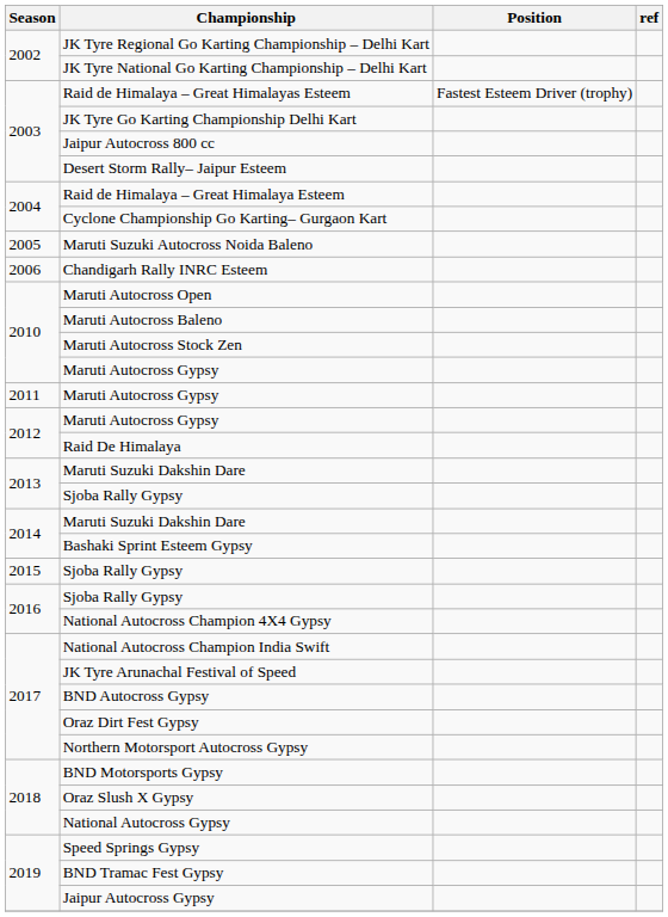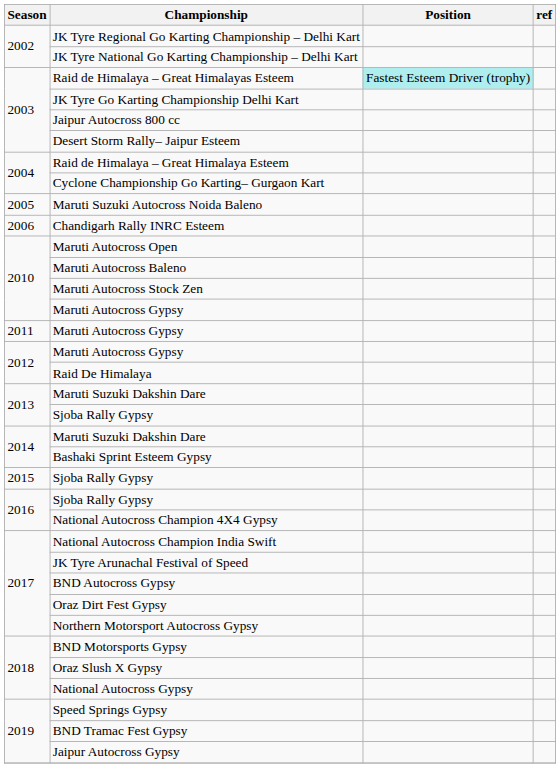 <table class="wikitable sortable">
 <tr>
 <th>Season</th>
 <th>Championship</th>
 <th>Position</th>
 <th>ref</th>
 </tr>
 <tr>
 <td rowspan="2">2002</td>
 <td>JK Tyre Regional Go Karting Championship – Delhi Kart</td>
 <td></td>
 <td></td>
 </tr>
 <tr>
 <td>JK Tyre National Go Karting Championship – Delhi Kart</td>
 <td></td>
 <td></td>
 </tr>
 <tr>
 <td rowspan="4">2003</td>
 <td>Raid de Himalaya – Great Himalayas Esteem</td>
-<td>Fastest Esteem Driver  (trophy)</td>
+<td style="background: paleturquoise;">Fastest Esteem Driver  (trophy)</td>
 <td></td>
 </tr>
 <tr>
 <td>JK Tyre Go Karting Championship Delhi Kart</td>
 <td></td>
 <td></td>
 </tr>
 <tr>
 <td>Jaipur Autocross 800 cc</td>
 <td></td>
 <td></td>
 </tr>
 <tr>
 <td>Desert Storm Rally– Jaipur Esteem</td>
 <td></td>
 <td></td>
 </tr>
 <tr>
 <td rowspan="2">2004</td>
 <td>Raid de Himalaya – Great Himalaya Esteem</td>
 <td></td>
 <td></td>
 </tr>
 <tr>
 <td>Cyclone Championship Go Karting– Gurgaon Kart</td>
 <td></td>
 <td></td>
 </tr>
 <tr>
 <td>2005</td>
 <td>Maruti Suzuki Autocross Noida Baleno</td>
 <td></td>
 <td></td>
 </tr>
 <tr>
 <td>2006</td>
 <td>Chandigarh Rally INRC Esteem</td>
 <td></td>
 <td></td>
 </tr>
 <tr>
 <td rowspan="4">2010</td>
 <td>Maruti Autocross Open</td>
 <td></td>
 <td></td>
 </tr>
 <tr>
 <td>Maruti Autocross Baleno</td>
 <td></td>
 <td></td>
 </tr>
 <tr>
 <td>Maruti Autocross Stock Zen</td>
 <td></td>
 <td></td>
 </tr>
 <tr>
 <td>Maruti Autocross Gypsy</td>
 <td></td>
 <td></td>
 </tr>
 <tr>
 <td>2011</td>
 <td>Maruti Autocross Gypsy</td>
 <td></td>
 <td></td>
 </tr>
 <tr>
 <td rowspan="2">2012</td>
 <td>Maruti Autocross Gypsy</td>
 <td></td>
 <td></td>
 </tr>
 <tr>
 <td>Raid De Himalaya</td>
 <td></td>
 <td></td>
 </tr>
 <tr>
 <td rowspan="2">2013</td>
 <td>Maruti Suzuki Dakshin Dare</td>
 <td></td>
 <td></td>
 </tr>
 <tr>
 <td>Sjoba Rally Gypsy</td>
 <td></td>
 <td></td>
 </tr>
 <tr>
 <td rowspan="2">2014</td>
 <td>Maruti Suzuki Dakshin Dare</td>
 <td></td>
 <td></td>
 </tr>
 <tr>
 <td>Bashaki Sprint Esteem Gypsy</td>
 <td></td>
 <td></td>
 </tr>
 <tr>
 <td>2015</td>
 <td>Sjoba Rally Gypsy</td>
 <td></td>
 <td></td>
 </tr>
 <tr>
 <td rowspan="2">2016</td>
 <td>Sjoba Rally Gypsy</td>
 <td></td>
 <td></td>
 </tr>
 <tr>
 <td>National Autocross Champion 4X4 Gypsy</td>
 <td></td>
 <td></td>
 </tr>
 <tr>
 <td rowspan="5">2017</td>
 <td>National Autocross Champion India Swift</td>
 <td></td>
 <td></td>
 </tr>
 <tr>
 <td>JK Tyre Arunachal Festival of Speed</td>
 <td></td>
 <td></td>
 </tr>
 <tr>
 <td>BND Autocross Gypsy</td>
 <td></td>
 <td></td>
 </tr>
 <tr>
 <td>Oraz Dirt Fest Gypsy</td>
 <td></td>
 <td></td>
 </tr>
 <tr>
 <td>Northern Motorsport Autocross Gypsy</td>
 <td></td>
 <td></td>
 </tr>
 <tr>
 <td rowspan="3">2018</td>
 <td>BND Motorsports Gypsy</td>
 <td></td>
 <td></td>
 </tr>
 <tr>
 <td>Oraz Slush X Gypsy</td>
 <td></td>
 <td></td>
 </tr>
 <tr>
 <td>National Autocross Gypsy</td>
 <td></td>
 <td></td>
 </tr>
 <tr>
 <td rowspan="3">2019</td>
 <td>Speed Springs Gypsy</td>
 <td></td>
 <td></td>
 </tr>
 <tr>
 <td>BND Tramac Fest Gypsy</td>
 <td></td>
 <td></td>
 </tr>
 <tr>
 <td>Jaipur Autocross Gypsy</td>
 <td></td>
 <td></td>
 </tr>
 <tr>
 </tr>
 </table>
